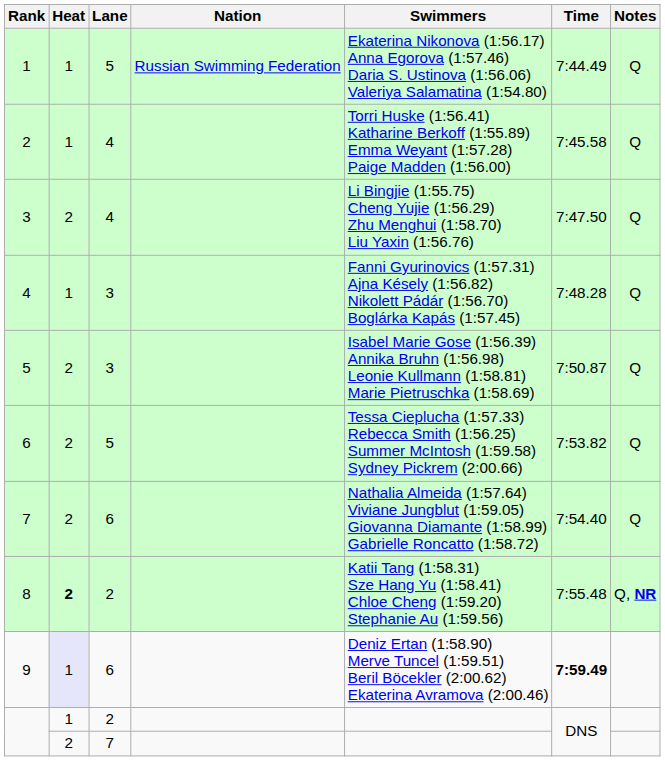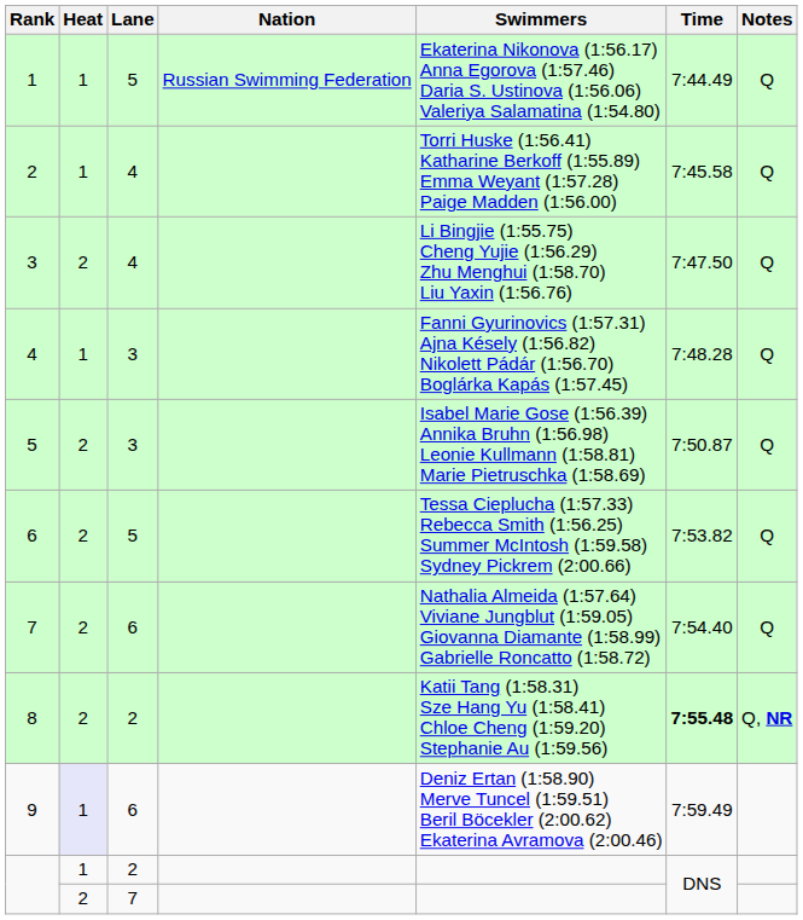 <table class="wikitable sortable" style="text-align:center">
 <tr>
 <th>Rank</th>
 <th>Heat</th>
 <th>Lane</th>
 <th>Nation</th>
 <th>Swimmers</th>
 <th>Time</th>
 <th>Notes</th>
 </tr>
 <tr bgcolor=ccffcc>
 <td>1</td>
 <td>1</td>
 <td>5</td>
 <td align=left><a href='#'>Russian Swimming Federation</a></td>
 <td align=left><a href='#'>Ekaterina Nikonova</a> (1:56.17)<br><a href='#'>Anna Egorova</a> (1:57.46)<br><a href='#'>Daria S. Ustinova</a> (1:56.06)<br><a href='#'>Valeriya Salamatina</a> (1:54.80)</td>
 <td>7:44.49</td>
 <td>Q</td>
 </tr>
 <tr bgcolor=ccffcc>
 <td>2</td>
 <td>1</td>
 <td>4</td>
 <td align=left></td>
 <td align=left><a href='#'>Torri Huske</a> (1:56.41)<br><a href='#'>Katharine Berkoff</a> (1:55.89)<br><a href='#'>Emma Weyant</a> (1:57.28)<br><a href='#'>Paige Madden</a> (1:56.00)</td>
 <td>7:45.58</td>
 <td>Q</td>
 </tr>
 <tr bgcolor=ccffcc>
 <td>3</td>
 <td>2</td>
 <td>4</td>
 <td align=left></td>
 <td align=left><a href='#'>Li Bingjie</a> (1:55.75)<br><a href='#'>Cheng Yujie</a> (1:56.29)<br><a href='#'>Zhu Menghui</a> (1:58.70)<br><a href='#'>Liu Yaxin</a> (1:56.76)</td>
 <td>7:47.50</td>
 <td>Q</td>
 </tr>
 <tr bgcolor=ccffcc>
 <td>4</td>
 <td>1</td>
 <td>3</td>
 <td align=left></td>
 <td align=left><a href='#'>Fanni Gyurinovics</a> (1:57.31)<br><a href='#'>Ajna Késely</a> (1:56.82)<br><a href='#'>Nikolett Pádár</a> (1:56.70)<br><a href='#'>Boglárka Kapás</a> (1:57.45)</td>
 <td>7:48.28</td>
 <td>Q</td>
 </tr>
 <tr bgcolor=ccffcc>
 <td>5</td>
 <td>2</td>
 <td>3</td>
 <td align=left></td>
 <td align=left><a href='#'>Isabel Marie Gose</a> (1:56.39)<br><a href='#'>Annika Bruhn</a> (1:56.98)<br><a href='#'>Leonie Kullmann</a> (1:58.81)<br><a href='#'>Marie Pietruschka</a> (1:58.69)</td>
 <td>7:50.87</td>
 <td>Q</td>
 </tr>
 <tr bgcolor=ccffcc>
 <td>6</td>
 <td>2</td>
 <td>5</td>
 <td align=left></td>
 <td align=left><a href='#'>Tessa Cieplucha</a> (1:57.33)<br><a href='#'>Rebecca Smith</a> (1:56.25)<br><a href='#'>Summer McIntosh</a> (1:59.58)<br><a href='#'>Sydney Pickrem</a> (2:00.66)</td>
 <td>7:53.82</td>
 <td>Q</td>
 </tr>
 <tr bgcolor=ccffcc>
 <td>7</td>
 <td>2</td>
 <td>6</td>
 <td align=left></td>
 <td align=left><a href='#'>Nathalia Almeida</a> (1:57.64)<br><a href='#'>Viviane Jungblut</a> (1:59.05)<br><a href='#'>Giovanna Diamante</a> (1:58.99)<br><a href='#'>Gabrielle Roncatto</a> (1:58.72)</td>
 <td>7:54.40</td>
 <td>Q</td>
 </tr>
 <tr bgcolor=ccffcc>
 <td>8</td>
-<td><strong>2</strong></td>
+<td>2</td>
 <td>2</td>
 <td align=left></td>
 <td align=left><a href='#'>Katii Tang</a> (1:58.31)<br><a href='#'>Sze Hang Yu</a> (1:58.41)<br><a href='#'>Chloe Cheng</a> (1:59.20)<br><a href='#'>Stephanie Au</a> (1:59.56)</td>
-<td>7:55.48</td>
+<td><strong>7:55.48</strong></td>
 <td>Q, <strong><a href='#'>NR</a></strong></td>
 </tr>
 <tr>
 <td>9</td>
 <td style="background: lavender;">1</td>
 <td>6</td>
 <td align=left></td>
 <td align=left><a href='#'>Deniz Ertan</a> (1:58.90)<br><a href='#'>Merve Tuncel</a> (1:59.51)<br><a href='#'>Beril Böcekler</a> (2:00.62)<br><a href='#'>Ekaterina Avramova</a> (2:00.46)</td>
-<td><strong>7:59.49</strong></td>
+<td>7:59.49</td>
 <td></td>
 </tr>
 <tr>
 <td rowspan=2></td>
 <td>1</td>
 <td>2</td>
 <td align=left></td>
 <td align=left></td>
 <td rowspan=2>DNS</td>
 <td></td>
 </tr>
 <tr>
 <td>2</td>
 <td>7</td>
 <td align=left></td>
 <td align=left></td>
 <td></td>
 </tr>
 </table>
